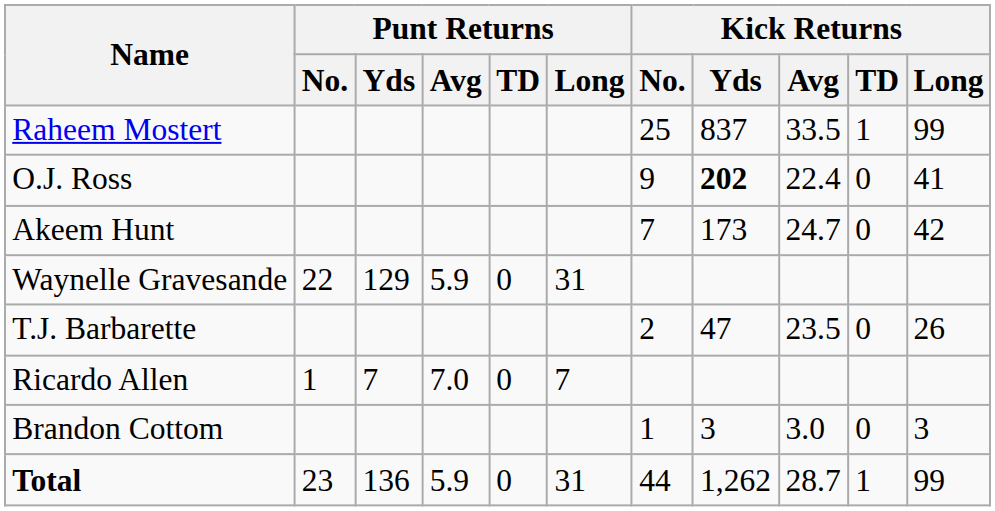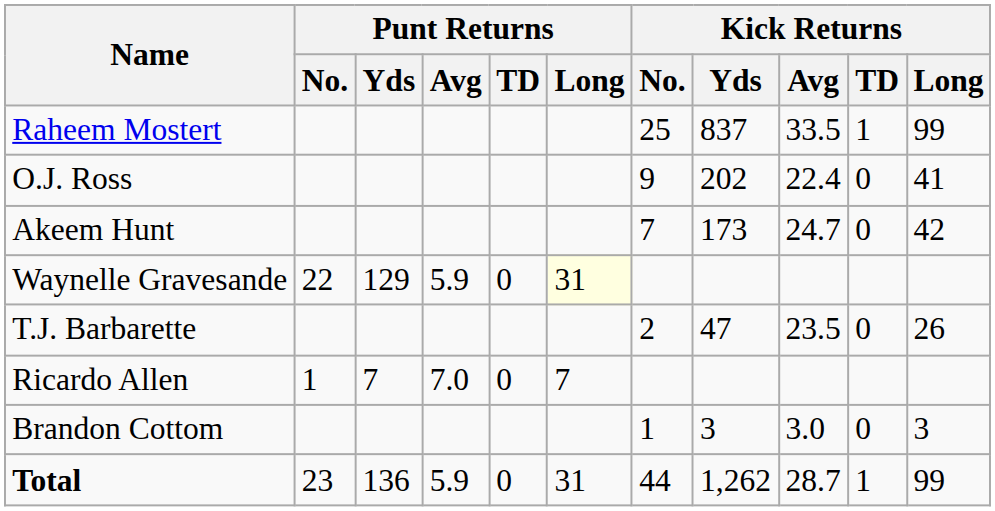 <table class="wikitable" style="white-space:nowrap;">
 <tr>
 <th rowspan="2">Name</th>
 <th colspan="5">Punt Returns</th>
 <th colspan="5">Kick Returns</th>
 </tr>
 <tr>
 <th>No.</th>
 <th>Yds</th>
 <th>Avg</th>
 <th>TD</th>
 <th>Long</th>
 <th>No.</th>
 <th>Yds</th>
 <th>Avg</th>
 <th>TD</th>
 <th>Long</th>
 </tr>
 <tr>
 <td><a href='#'>Raheem Mostert</a></td>
 <td></td>
 <td></td>
 <td></td>
 <td></td>
 <td></td>
 <td>25</td>
 <td>837</td>
 <td>33.5</td>
 <td>1</td>
 <td>99</td>
 </tr>
 <tr>
 <td>O.J. Ross</td>
 <td></td>
 <td></td>
 <td></td>
 <td></td>
 <td></td>
 <td>9</td>
-<td><strong>202</strong></td>
+<td>202</td>
 <td>22.4</td>
 <td>0</td>
 <td>41</td>
 </tr>
 <tr>
 <td>Akeem Hunt</td>
 <td></td>
 <td></td>
 <td></td>
 <td></td>
 <td></td>
 <td>7</td>
 <td>173</td>
 <td>24.7</td>
 <td>0</td>
 <td>42</td>
 </tr>
 <tr>
 <td>Waynelle Gravesande</td>
 <td>22</td>
 <td>129</td>
 <td>5.9</td>
 <td>0</td>
-<td>31</td>
+<td style="background: lightyellow;">31</td>
 <td></td>
 <td></td>
 <td></td>
 <td></td>
 <td></td>
 </tr>
 <tr>
 <td>T.J. Barbarette</td>
 <td></td>
 <td></td>
 <td></td>
 <td></td>
 <td></td>
 <td>2</td>
 <td>47</td>
 <td>23.5</td>
 <td>0</td>
 <td>26</td>
 </tr>
 <tr>
 <td>Ricardo Allen</td>
 <td>1</td>
 <td>7</td>
 <td>7.0</td>
 <td>0</td>
 <td>7</td>
 <td></td>
 <td></td>
 <td></td>
 <td></td>
 <td></td>
 </tr>
 <tr>
 <td>Brandon Cottom</td>
 <td></td>
 <td></td>
 <td></td>
 <td></td>
 <td></td>
 <td>1</td>
 <td>3</td>
 <td>3.0</td>
 <td>0</td>
 <td>3</td>
 </tr>
 <tr>
 <td><strong>Total</strong></td>
 <td>23</td>
 <td>136</td>
 <td>5.9</td>
 <td>0</td>
 <td>31</td>
 <td>44</td>
 <td>1,262</td>
 <td>28.7</td>
 <td>1</td>
 <td>99</td>
 </tr>
 </table>
